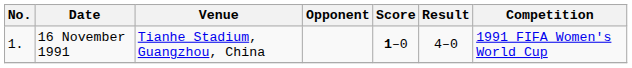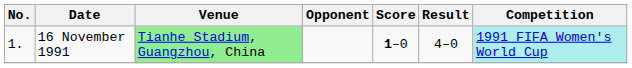 <table class="wikitable">
 <tr>
 <th>No.</th>
 <th>Date</th>
 <th>Venue</th>
 <th>Opponent</th>
 <th>Score</th>
 <th>Result</th>
 <th>Competition</th>
 </tr>
 <tr>
 <td>1.</td>
 <td>16 November 1991</td>
-<td><a href='#'>Tianhe Stadium</a>, <a href='#'>Guangzhou</a>, China</td>
+<td style="background: lightgreen;"><a href='#'>Tianhe Stadium</a>, <a href='#'>Guangzhou</a>, China</td>
 <td></td>
 <td align=center><strong>1</strong>–0</td>
 <td align=center>4–0</td>
-<td><a href='#'>1991 FIFA Women's World Cup</a></td>
+<td style="background: paleturquoise;"><a href='#'>1991 FIFA Women's World Cup</a></td>
 </tr>
 <tr>
 </tr>
 </table>
